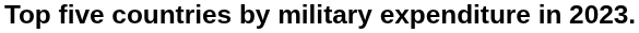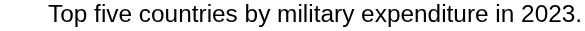 <table border="0" cellpadding="2" cellspacing="0" style="float:right;">
 <tr>
 <td></td>
 </tr>
 <tr>
-<td style="text-align:center; font-size:70%;"><strong>Top five countries by military expenditure in 2023.</strong></td>
+<td style="text-align:center; font-size:70%;">Top five countries by military expenditure in 2023.</td>
 </tr>
 </table>
